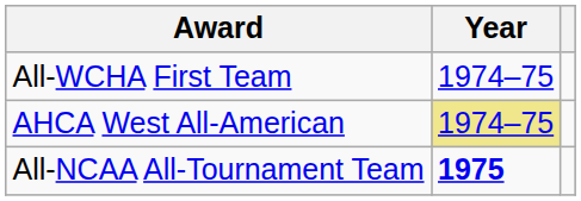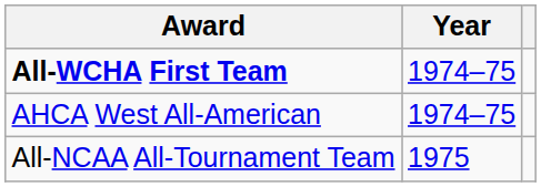 <table class="wikitable">
 <tr>
 <th>Award</th>
 <th>Year</th>
 <th></th>
 </tr>
 <tr>
-<td>All-<a href='#'>WCHA</a> <a href='#'>First Team</a></td>
+<td><strong>All-<a href='#'>WCHA</a> <a href='#'>First Team</a></strong></td>
 <td><a href='#'>1974–75</a></td>
 <td></td>
 </tr>
 <tr>
 <td><a href='#'>AHCA</a> <a href='#'>West All-American</a></td>
-<td style="background: khaki;"><a href='#'>1974–75</a></td>
+<td><a href='#'>1974–75</a></td>
 <td></td>
 </tr>
 <tr>
 <td>All-<a href='#'>NCAA</a> <a href='#'>All-Tournament Team</a></td>
-<td><strong><a href='#'>1975</a></strong></td>
+<td><a href='#'>1975</a></td>
 <td></td>
 </tr>
 </table>
